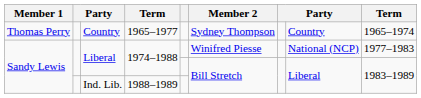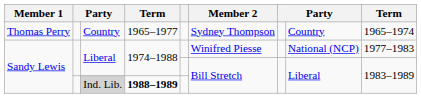 <table class="wikitable">
 <tr>
 <th>Member 1</th>
 <th colspan=2>Party</th>
 <th>Term</th>
 <th></th>
 <th>Member 2</th>
 <th colspan=2>Party</th>
 <th>Term</th>
 </tr>
 <tr>
 <td><a href='#'>Thomas Perry</a></td>
 <td> </td>
 <td><a href='#'>Country</a></td>
 <td>1965–1977</td>
 <td> </td>
 <td><a href='#'>Sydney Thompson</a></td>
 <td> </td>
 <td><a href='#'>Country</a></td>
 <td>1965–1974</td>
 </tr>
 <tr>
 <td rowspan=3><a href='#'>Sandy Lewis</a></td>
 <td rowspan=2 > </td>
 <td rowspan=2><a href='#'>Liberal</a></td>
 <td rowspan=2>1974–1988</td>
 <td> </td>
 <td><a href='#'>Winifred Piesse</a></td>
 <td> </td>
 <td><a href='#'>National (NCP)</a></td>
 <td>1977–1983</td>
 </tr>
 <tr>
 <td> </td>
 <td rowspan=2><a href='#'>Bill Stretch</a></td>
 <td rowspan=2 > </td>
 <td rowspan=2><a href='#'>Liberal</a></td>
 <td rowspan=2>1983–1989</td>
 </tr>
 <tr>
 <td> </td>
-<td>Ind. Lib.</td>
-<td>1988–1989</td>
+<td style="background: lightgrey;">Ind. Lib.</td>
+<td><strong>1988–1989</strong></td>
 <td> </td>
 </tr>
 </table>
